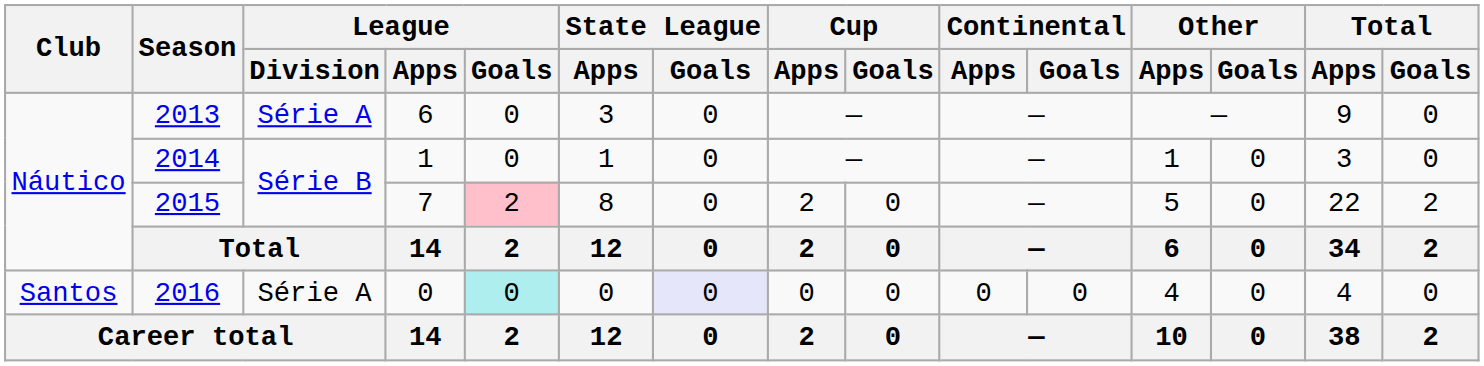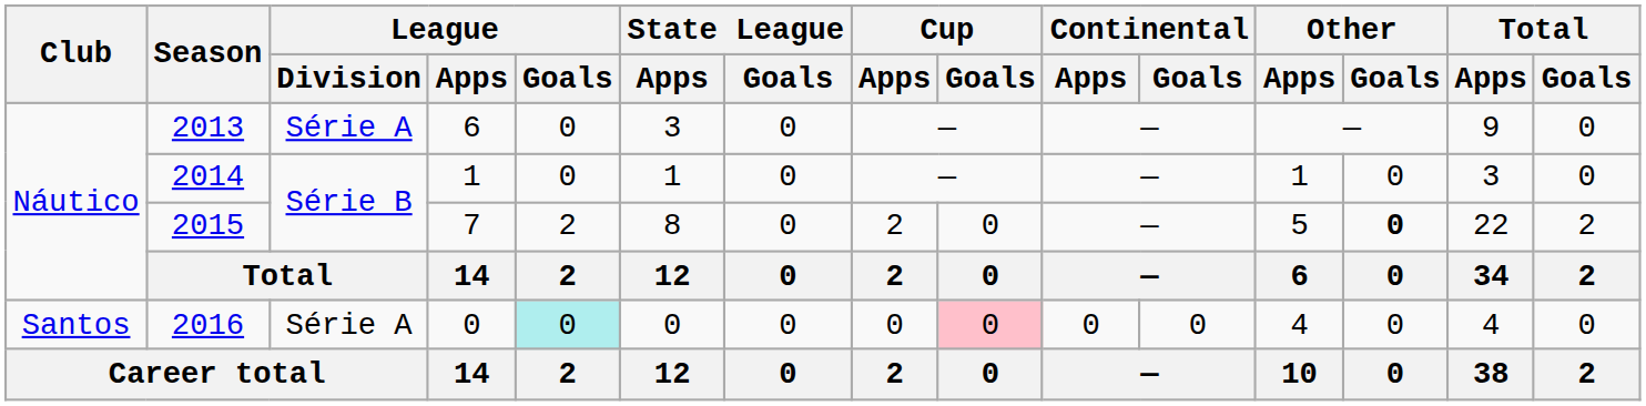 <table class="wikitable" style="text-align: center;">
 <tr>
 <th rowspan="2">Club</th>
 <th rowspan="2">Season</th>
 <th colspan="3">League</th>
 <th colspan="2">State League</th>
 <th colspan="2">Cup</th>
 <th colspan="2">Continental</th>
 <th colspan="2">Other</th>
 <th colspan="2">Total</th>
 </tr>
 <tr>
 <th>Division</th>
 <th>Apps</th>
 <th>Goals</th>
 <th>Apps</th>
 <th>Goals</th>
 <th>Apps</th>
 <th>Goals</th>
 <th>Apps</th>
 <th>Goals</th>
 <th>Apps</th>
 <th>Goals</th>
 <th>Apps</th>
 <th>Goals</th>
 </tr>
 <tr>
 <td rowspan="4" valign="center"><a href='#'>Náutico</a></td>
 <td><a href='#'>2013</a></td>
 <td><a href='#'>Série A</a></td>
 <td>6</td>
 <td>0</td>
 <td>3</td>
 <td>0</td>
 <td colspan="2">—</td>
 <td colspan="2">—</td>
 <td colspan="2">—</td>
 <td>9</td>
 <td>0</td>
 </tr>
 <tr>
 <td><a href='#'>2014</a></td>
 <td rowspan="2"><a href='#'>Série B</a></td>
 <td>1</td>
 <td>0</td>
 <td>1</td>
 <td>0</td>
 <td colspan="2">—</td>
 <td colspan="2">—</td>
 <td>1</td>
 <td>0</td>
 <td>3</td>
 <td>0</td>
 </tr>
 <tr>
 <td><a href='#'>2015</a></td>
 <td>7</td>
-<td style="background: pink;">2</td>
+<td>2</td>
 <td>8</td>
 <td>0</td>
 <td>2</td>
 <td>0</td>
 <td colspan="2">—</td>
 <td>5</td>
-<td>0</td>
+<td><strong>0</strong></td>
 <td>22</td>
 <td>2</td>
 </tr>
 <tr>
 <th colspan="2"><strong>Total</strong></th>
 <th>14</th>
 <th>2</th>
 <th>12</th>
 <th>0</th>
 <th>2</th>
 <th>0</th>
 <th colspan="2">—</th>
 <th>6</th>
 <th>0</th>
 <th>34</th>
 <th>2</th>
 </tr>
 <tr>
 <td valign="center"><a href='#'>Santos</a></td>
 <td><a href='#'>2016</a></td>
 <td>Série A</td>
 <td>0</td>
 <td style="background: paleturquoise;">0</td>
 <td>0</td>
-<td style="background: lavender;">0</td>
 <td>0</td>
 <td>0</td>
+<td style="background: pink;">0</td>
 <td>0</td>
 <td>0</td>
 <td>4</td>
 <td>0</td>
 <td>4</td>
 <td>0</td>
 </tr>
 <tr>
 <th colspan="3"><strong>Career total</strong></th>
 <th>14</th>
 <th>2</th>
 <th>12</th>
 <th>0</th>
 <th>2</th>
 <th>0</th>
 <th colspan="2">—</th>
 <th>10</th>
 <th>0</th>
 <th>38</th>
 <th>2</th>
 </tr>
 </table>
